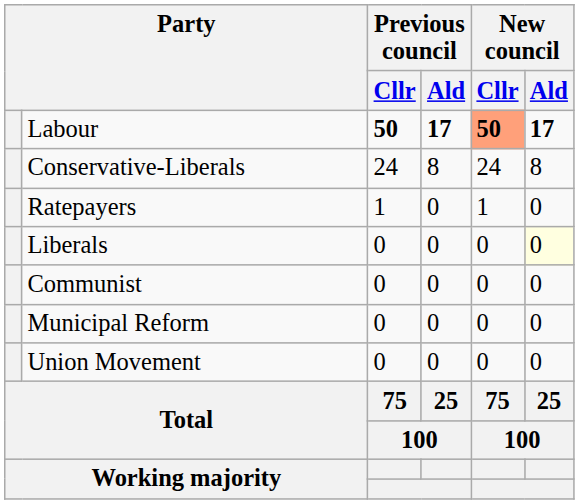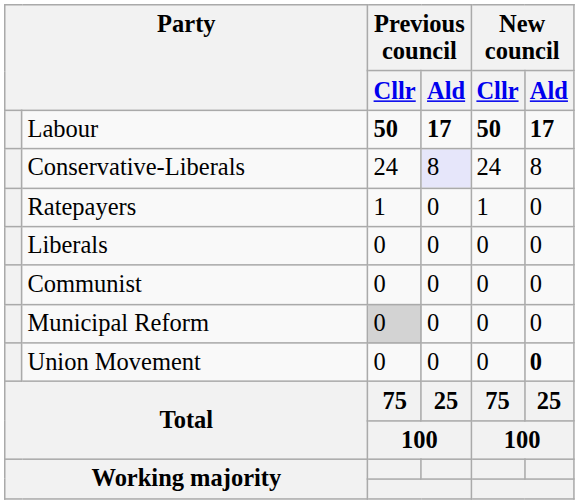 <table class="wikitable">
 <tr>
 <th valign=top colspan="2" rowspan="2" style="width: 230px">Party</th>
 <th valign=top colspan="2" style="width: 30px">Previous council</th>
 <th valign=top colspan="2" style="width: 30px">New council</th>
 </tr>
 <tr>
 <th><a href='#'>Cllr</a></th>
 <th><a href='#'>Ald</a></th>
 <th><a href='#'>Cllr</a></th>
 <th><a href='#'>Ald</a></th>
 </tr>
 <tr>
 <th style="background-color: "></th>
 <td>Labour</td>
 <td><strong>50</strong></td>
 <td><strong>17</strong></td>
-<td style="background: lightsalmon;"><strong>50</strong></td>
+<td><strong>50</strong></td>
 <td><strong>17</strong></td>
 </tr>
 <tr>
 <th style="background-color: "></th>
 <td>Conservative-Liberals</td>
 <td>24</td>
-<td>8</td>
+<td style="background: lavender;">8</td>
 <td>24</td>
 <td>8</td>
 </tr>
 <tr>
 <th style="background-color: "></th>
 <td>Ratepayers</td>
 <td>1</td>
 <td>0</td>
 <td>1</td>
 <td>0</td>
 </tr>
 <tr>
 <th style="background-color: "></th>
 <td>Liberals</td>
 <td>0</td>
 <td>0</td>
 <td>0</td>
-<td style="background: lightyellow;">0</td>
+<td>0</td>
 </tr>
 <tr>
 <th style="background-color: "></th>
 <td>Communist</td>
 <td>0</td>
 <td>0</td>
 <td>0</td>
 <td>0</td>
 </tr>
 <tr>
 <th style="background-color: "></th>
 <td>Municipal Reform</td>
-<td>0</td>
+<td style="background: lightgrey;">0</td>
 <td>0</td>
 <td>0</td>
 <td>0</td>
 </tr>
 <tr>
 <th style="background-color: "></th>
 <td>Union Movement</td>
 <td>0</td>
 <td>0</td>
 <td>0</td>
-<td>0</td>
+<td><strong>0</strong></td>
 </tr>
 <tr>
 <th colspan="2" rowspan="2">Total</th>
 <th style="text-align: center">75</th>
 <th style="text-align: center">25</th>
 <th style="text-align: center">75</th>
 <th style="text-align: center">25</th>
 </tr>
 <tr>
 <th colspan="2" style="text-align: center">100</th>
 <th colspan="2" style="text-align: center">100</th>
 </tr>
 <tr>
 <th colspan="2" rowspan="2">Working majority</th>
 <th></th>
 <th></th>
 <th></th>
 <th></th>
 </tr>
 <tr>
 <th colspan="2"></th>
 <th colspan="2"></th>
 </tr>
 </table>
